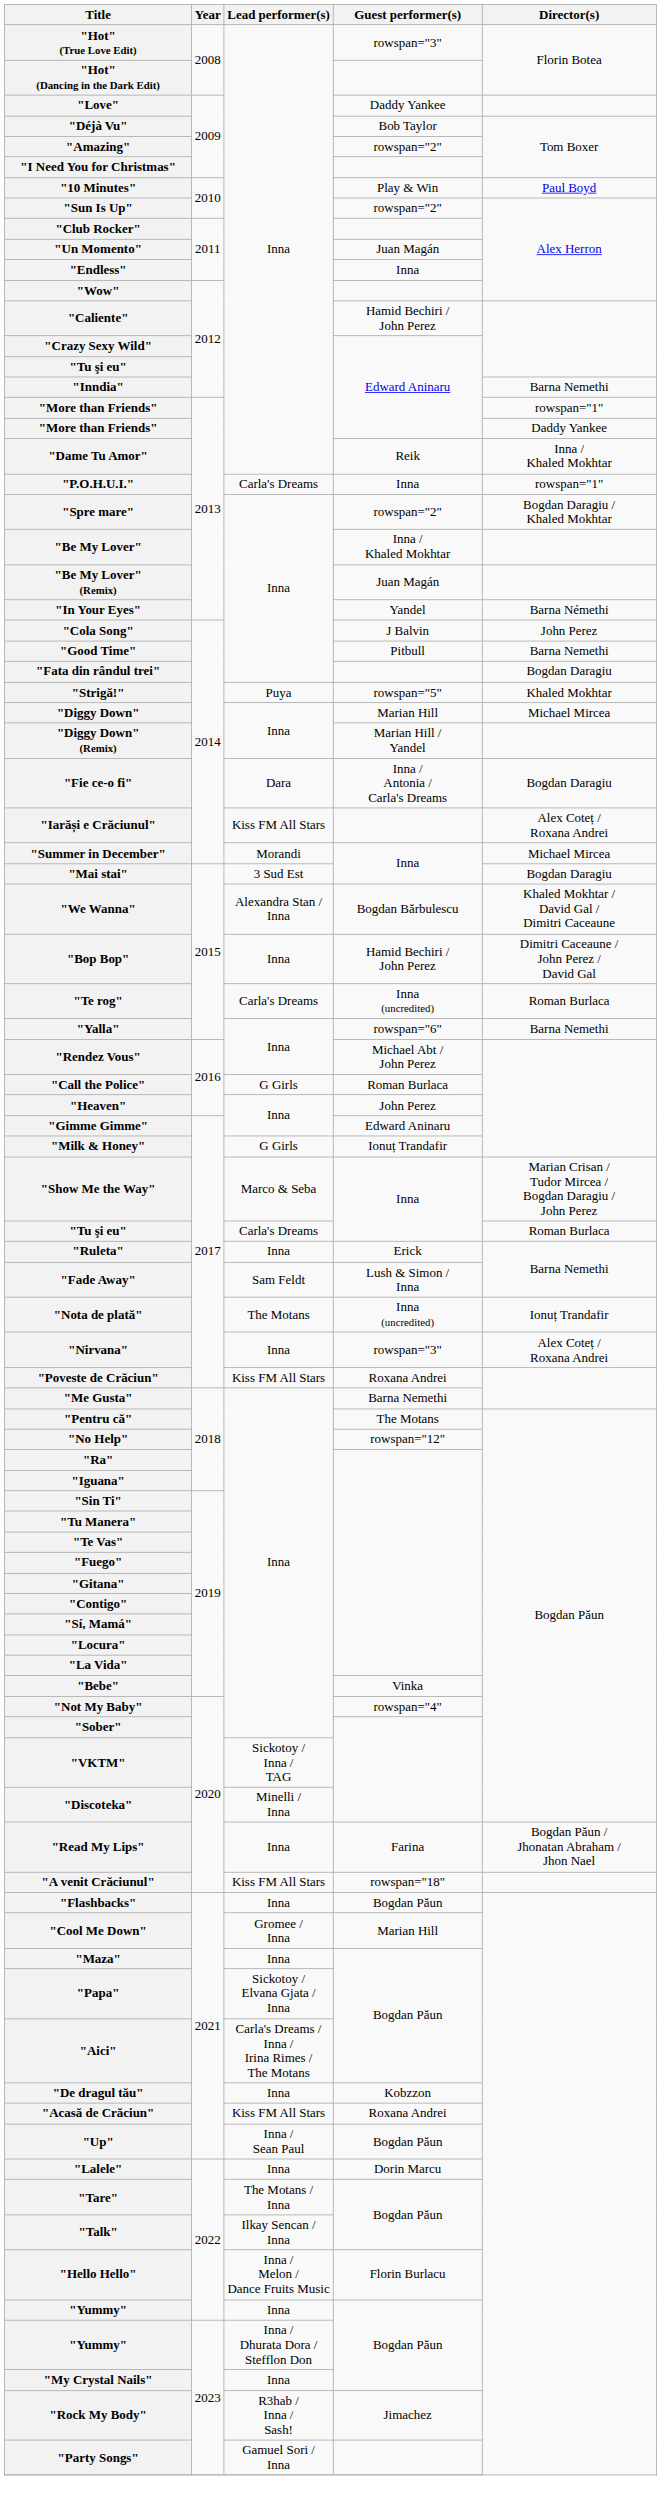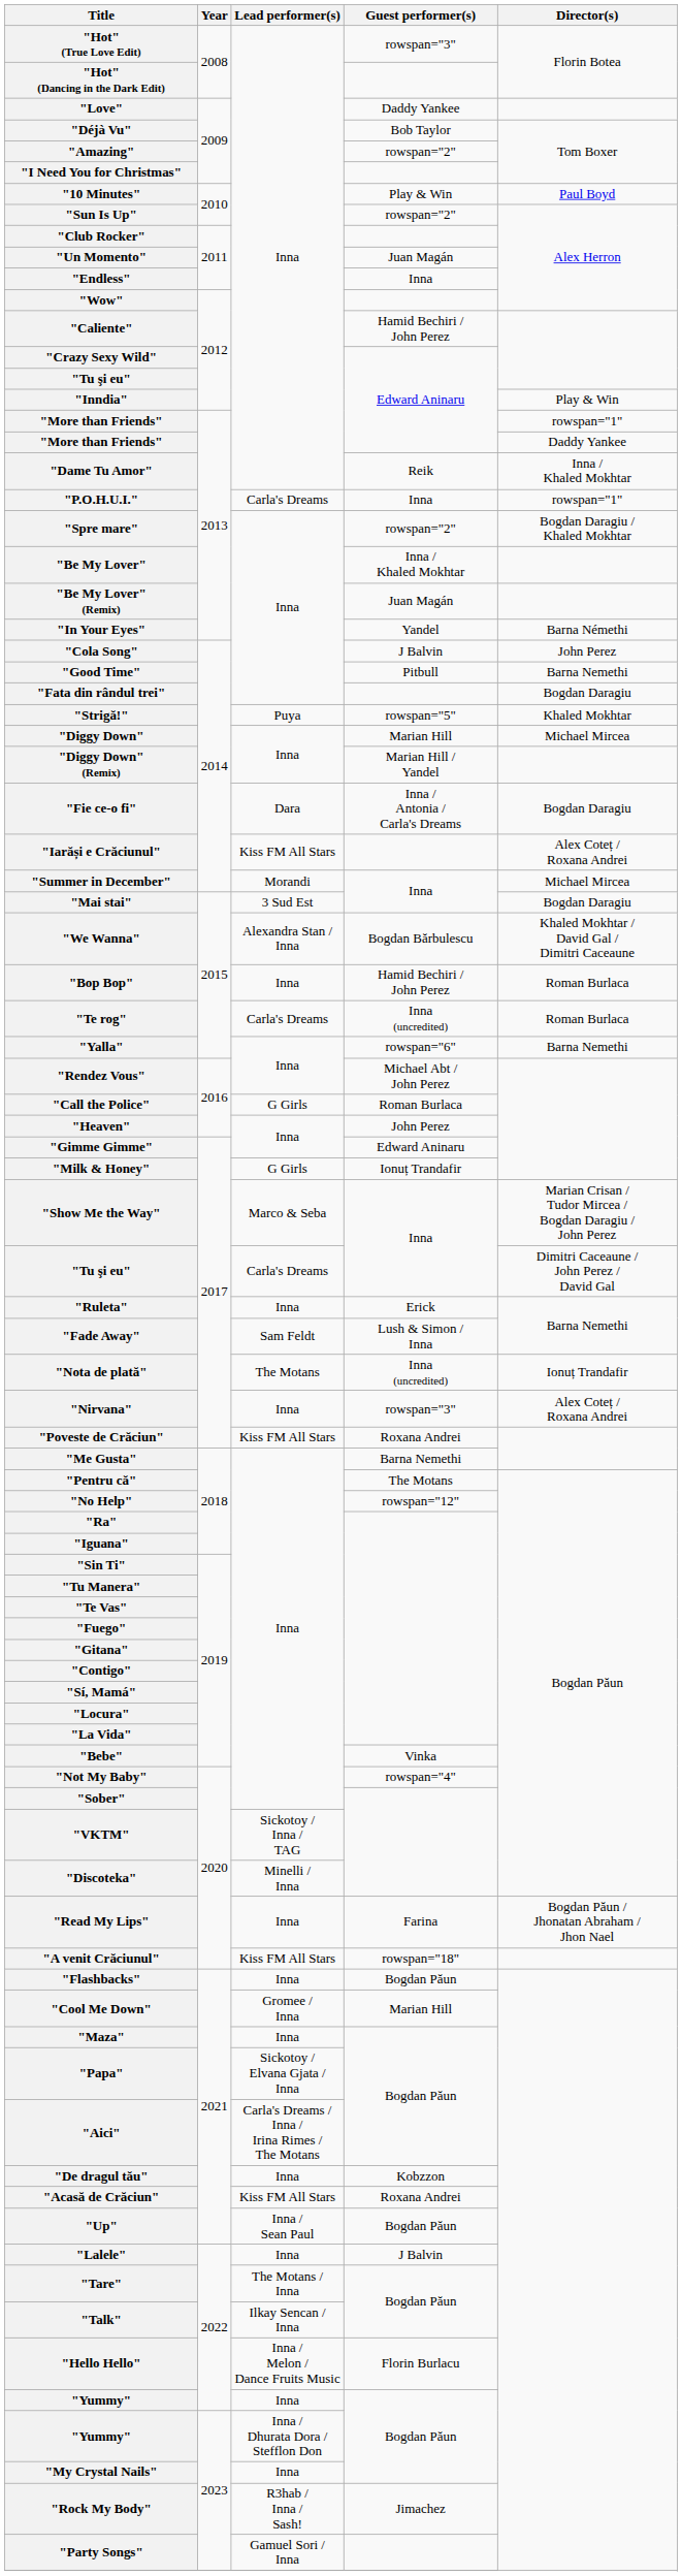 <table class="wikitable plainrowheaders" style="text-align:center;">
 <tr>
 <th scope="col" style="width: 14em;">Title</th>
 <th scope="col" style="width: 2em;">Year</th>
 <th scope="col" style="width: 8em;">Lead performer(s)</th>
 <th scope="col" style="width: 11em;">Guest performer(s)</th>
 <th scope="col" style="width: 13em;">Director(s)</th>
 </tr>
 <tr>
 <th scope="row">"Hot"<br><small>(True Love Edit)</small></th>
 <td rowspan="2">2008</td>
 <td rowspan="19">Inna</td>
 <td>rowspan="3" </td>
 <td rowspan="2">Florin Botea</td>
 </tr>
 <tr>
 <th scope="row">"Hot"<br><small>(Dancing in the Dark Edit)</small></th>
 </tr>
 <tr>
 <th scope="row">"Love"</th>
 <td rowspan="4">2009</td>
 <td>Daddy Yankee</td>
 </tr>
 <tr>
 <th scope="row">"Déjà Vu"</th>
 <td>Bob Taylor</td>
 <td rowspan="3">Tom Boxer</td>
 </tr>
 <tr>
 <th scope="row">"Amazing"</th>
 <td>rowspan="2" </td>
 </tr>
 <tr>
 <th scope="row">"I Need You for Christmas"</th>
 </tr>
 <tr>
 <th scope="row">"10 Minutes"</th>
 <td rowspan="2">2010</td>
 <td>Play & Win</td>
 <td><a href='#'>Paul Boyd</a></td>
 </tr>
 <tr>
 <th scope="row">"Sun Is Up"</th>
 <td>rowspan="2" </td>
 <td rowspan="5"><a href='#'>Alex Herron</a></td>
 </tr>
 <tr>
 <th scope="row">"Club Rocker"</th>
 <td rowspan="3">2011</td>
 </tr>
 <tr>
 <th scope="row">"Un Momento"</th>
 <td>Juan Magán</td>
 </tr>
 <tr>
 <th scope="row">"Endless"</th>
 <td>Inna</td>
 </tr>
 <tr>
 <th scope="row">"Wow"</th>
 <td rowspan="5">2012</td>
 </tr>
 <tr>
 <th scope="row">"Caliente"</th>
 <td>Hamid Bechiri /<br>John Perez</td>
 </tr>
 <tr>
 <th scope="row">"Crazy Sexy Wild"</th>
 <td rowspan="5"><a href='#'>Edward Aninaru</a></td>
 </tr>
 <tr>
 <th scope="row">"Tu şi eu"</th>
 </tr>
 <tr>
 <th scope="row">"Inndia"</th>
-<td>Barna Nemethi</td>
+<td>Play & Win</td>
 </tr>
 <tr>
 <th scope="row">"More than Friends"</th>
 <td rowspan="8">2013</td>
 <td>rowspan="1" </td>
 </tr>
 <tr>
 <th scope="row">"More than Friends"</th>
 <td>Daddy Yankee</td>
 </tr>
 <tr>
 <th scope="row">"Dame Tu Amor"</th>
 <td>Reik</td>
 <td>Inna /<br>Khaled Mokhtar</td>
 </tr>
 <tr>
 <th scope="row">"P.O.H.U.I."</th>
 <td>Carla's Dreams</td>
 <td>Inna</td>
 <td>rowspan="1" </td>
 </tr>
 <tr>
 <th scope="row">"Spre mare"</th>
 <td rowspan="7">Inna</td>
 <td>rowspan="2" </td>
 <td>Bogdan Daragiu /<br>Khaled Mokhtar</td>
 </tr>
 <tr>
 <th scope="row">"Be My Lover"</th>
 <td>Inna /<br>Khaled Mokhtar</td>
 </tr>
 <tr>
 <th scope="row">"Be My Lover"<br><small>(Remix)</small></th>
 <td>Juan Magán</td>
 <td></td>
 </tr>
 <tr>
 <th scope="row">"In Your Eyes"</th>
 <td>Yandel</td>
 <td>Barna Némethi</td>
 </tr>
 <tr>
 <th scope="row">"Cola Song"</th>
 <td rowspan="9">2014</td>
 <td>J Balvin</td>
 <td>John Perez</td>
 </tr>
 <tr>
 <th scope="row">"Good Time"</th>
 <td rowspan="1">Pitbull</td>
 <td>Barna Nemethi</td>
 </tr>
 <tr>
 <th scope="row">"Fata din rândul trei"</th>
 <td></td>
 <td>Bogdan Daragiu</td>
 </tr>
 <tr>
 <th scope="row">"Strigă!"</th>
 <td>Puya</td>
 <td>rowspan="5" </td>
 <td>Khaled Mokhtar</td>
 </tr>
 <tr>
 <th scope="row">"Diggy Down"</th>
 <td rowspan="2">Inna</td>
 <td>Marian Hill</td>
 <td>Michael Mircea</td>
 </tr>
 <tr>
 <th scope="row">"Diggy Down"<br><small>(Remix)</small></th>
 <td>Marian Hill /<br>Yandel</td>
 <td></td>
 </tr>
 <tr>
 <th scope="row">"Fie ce-o fi"</th>
 <td>Dara</td>
 <td>Inna /<br>Antonia /<br> Carla's Dreams</td>
 <td>Bogdan Daragiu</td>
 </tr>
 <tr>
 <th scope="row">"Iarăși e Crăciunul"</th>
 <td>Kiss FM All Stars</td>
 <td></td>
 <td>Alex Coteț /<br>Roxana Andrei</td>
 </tr>
 <tr>
 <th scope="row">"Summer in December"</th>
 <td>Morandi</td>
 <td rowspan="2">Inna</td>
 <td>Michael Mircea</td>
 </tr>
 <tr>
 <th scope="row">"Mai stai"</th>
 <td rowspan="5">2015</td>
 <td>3 Sud Est</td>
 <td>Bogdan Daragiu</td>
 </tr>
 <tr>
 <th scope="row">"We Wanna"</th>
 <td>Alexandra Stan /<br>Inna</td>
 <td>Bogdan Bărbulescu</td>
 <td>Khaled Mokhtar /<br>David Gal /<br>Dimitri Caceaune</td>
 </tr>
 <tr>
 <th scope="row">"Bop Bop"</th>
 <td rowspan="1">Inna</td>
 <td>Hamid Bechiri /<br>John Perez</td>
-<td>Dimitri Caceaune /<br>John Perez /<br>David Gal</td>
+<td>Roman Burlaca</td>
 </tr>
 <tr>
 <th scope="row">"Te rog"</th>
 <td>Carla's Dreams</td>
 <td>Inna<br><small>(uncredited)</small></td>
 <td>Roman Burlaca</td>
 </tr>
 <tr>
 <th scope="row">"Yalla"</th>
 <td rowspan="2">Inna</td>
 <td>rowspan="6" </td>
 <td>Barna Nemethi</td>
 </tr>
 <tr>
 <th scope="row">"Rendez Vous"</th>
 <td rowspan="3">2016</td>
 <td>Michael Abt /<br>John Perez</td>
 </tr>
 <tr>
 <th scope="row">"Call the Police"</th>
 <td>G Girls</td>
 <td>Roman Burlaca</td>
 </tr>
 <tr>
 <th scope="row">"Heaven"</th>
 <td rowspan="2">Inna</td>
 <td>John Perez</td>
 </tr>
 <tr>
 <th scope="row">"Gimme Gimme"</th>
 <td rowspan="9">2017</td>
 <td>Edward Aninaru</td>
 </tr>
 <tr>
 <th scope="row">"Milk & Honey"</th>
 <td>G Girls</td>
 <td>Ionuț Trandafir</td>
 </tr>
 <tr>
 <th scope="row">"Show Me the Way"</th>
 <td>Marco & Seba</td>
 <td rowspan="2">Inna</td>
 <td>Marian Crisan /<br>Tudor Mircea /<br>Bogdan Daragiu /<br>John Perez</td>
 </tr>
 <tr>
 <th scope="row">"Tu şi eu"</th>
 <td>Carla's Dreams</td>
-<td>Roman Burlaca</td>
+<td>Dimitri Caceaune /<br>John Perez /<br>David Gal</td>
 </tr>
 <tr>
 <th scope="row">"Ruleta"</th>
 <td rowspan="1">Inna</td>
 <td>Erick</td>
 <td rowspan="2">Barna Nemethi</td>
 </tr>
 <tr>
 <th scope="row">"Fade Away"</th>
 <td rowspan="1">Sam Feldt</td>
 <td>Lush & Simon /<br>Inna</td>
 </tr>
 <tr>
 <th scope="row">"Nota de plată"</th>
 <td rowspan="1">The Motans</td>
 <td>Inna<br><small>(uncredited)</small></td>
 <td>Ionuț Trandafir</td>
 </tr>
 <tr>
 <th scope="row">"Nirvana"</th>
 <td rowspan="1">Inna</td>
 <td>rowspan="3" </td>
 <td>Alex Coteț /<br>Roxana Andrei</td>
 </tr>
 <tr>
 <th scope="row">"Poveste de Crăciun"</th>
 <td rowspan="1">Kiss FM All Stars</td>
 <td>Roxana Andrei</td>
 </tr>
 <tr>
 <th scope="row">"Me Gusta"</th>
 <td rowspan="5">2018</td>
 <td rowspan="17">Inna</td>
 <td>Barna Nemethi</td>
 </tr>
 <tr>
 <th scope="row">"Pentru că"</th>
 <td>The Motans</td>
 <td rowspan="18">Bogdan Păun</td>
 </tr>
 <tr>
 <th scope="row">"No Help"</th>
 <td>rowspan="12" </td>
 </tr>
 <tr>
 <th scope="row">"Ra"</th>
 </tr>
 <tr>
 <th scope="row">"Iguana"</th>
 </tr>
 <tr>
 <th scope="row">"Sin Ti"</th>
 <td rowspan="10">2019</td>
 </tr>
 <tr>
 <th scope="row">"Tu Manera"</th>
 </tr>
 <tr>
 <th scope="row">"Te Vas"</th>
 </tr>
 <tr>
 <th scope="row">"Fuego"</th>
 </tr>
 <tr>
 <th scope="row">"Gitana"</th>
 </tr>
 <tr>
 <th scope="row">"Contigo"</th>
 </tr>
 <tr>
 <th scope="row">"Sí, Mamá"</th>
 </tr>
 <tr>
 <th scope="row">"Locura"</th>
 </tr>
 <tr>
 <th scope="row">"La Vida"</th>
 </tr>
 <tr>
 <th scope="row">"Bebe"</th>
 <td>Vinka</td>
 </tr>
 <tr>
 <th scope="row">"Not My Baby"</th>
 <td rowspan="6">2020</td>
 <td>rowspan="4" </td>
 </tr>
 <tr>
 <th scope="row">"Sober"</th>
 </tr>
 <tr>
 <th scope="row">"VKTM"</th>
 <td>Sickotoy /<br>Inna /<br>TAG</td>
 </tr>
 <tr>
 <th scope="row">"Discoteka"</th>
 <td>Minelli /<br>Inna</td>
 </tr>
 <tr>
 <th scope="row">"Read My Lips"</th>
 <td>Inna</td>
 <td>Farina</td>
 <td>Bogdan Păun /<br>Jhonatan Abraham /<br>Jhon Nael</td>
 </tr>
 <tr>
 <th scope="row">"A venit Crăciunul"</th>
 <td rowspan="1">Kiss FM All Stars</td>
 <td>rowspan="18" </td>
 <td></td>
 </tr>
 <tr>
 <th scope="row">"Flashbacks"</th>
 <td rowspan="8">2021</td>
 <td>Inna</td>
 <td>Bogdan Păun</td>
 </tr>
 <tr>
 <th scope="row">"Cool Me Down"</th>
 <td>Gromee /<br>Inna</td>
 <td>Marian Hill</td>
 </tr>
 <tr>
 <th scope="row">"Maza"</th>
 <td>Inna</td>
 <td rowspan="3">Bogdan Păun</td>
 </tr>
 <tr>
 <th scope="row">"Papa"</th>
 <td>Sickotoy /<br> Elvana Gjata /<br> Inna</td>
 </tr>
 <tr>
 <th scope="row">"Aici"</th>
 <td>Carla's Dreams /<br> Inna /<br> Irina Rimes /<br> The Motans</td>
 </tr>
 <tr>
 <th scope="row">"De dragul tău"</th>
 <td>Inna</td>
 <td>Kobzzon</td>
 </tr>
 <tr>
 <th scope="row">"Acasă de Crăciun"</th>
 <td>Kiss FM All Stars</td>
 <td>Roxana Andrei</td>
 </tr>
 <tr>
 <th scope="row">"Up"</th>
 <td>Inna /<br>Sean Paul</td>
 <td>Bogdan Păun</td>
 </tr>
 <tr>
 <th scope="row">"Lalele"</th>
 <td rowspan="5">2022</td>
 <td>Inna</td>
-<td>Dorin Marcu</td>
+<td>J Balvin</td>
 </tr>
 <tr>
 <th scope="row">"Tare"</th>
 <td>The Motans /<br>Inna</td>
 <td rowspan="2">Bogdan Păun</td>
 </tr>
 <tr>
 <th scope="row">"Talk"</th>
 <td>Ilkay Sencan /<br>Inna</td>
 </tr>
 <tr>
 <th scope="row">"Hello Hello"</th>
 <td>Inna /<br> Melon /<br> Dance Fruits Music</td>
 <td>Florin Burlacu</td>
 </tr>
 <tr>
 <th scope="row">"Yummy"</th>
 <td>Inna</td>
 <td rowspan="3">Bogdan Păun</td>
 </tr>
 <tr>
 <th scope="row">"Yummy"</th>
 <td rowspan="4">2023</td>
 <td>Inna /<br> Dhurata Dora /<br> Stefflon Don</td>
 </tr>
 <tr>
 <th scope="row">"My Crystal Nails"</th>
 <td>Inna</td>
 </tr>
 <tr>
 <th scope="row">"Rock My Body"</th>
 <td>R3hab /<br> Inna /<br> Sash!</td>
 <td>Jimachez</td>
 </tr>
 <tr>
 <th scope="row">"Party Songs"</th>
 <td>Gamuel Sori /<br>Inna</td>
 <td></td>
 </tr>
 <tr>
 </tr>
 </table>
